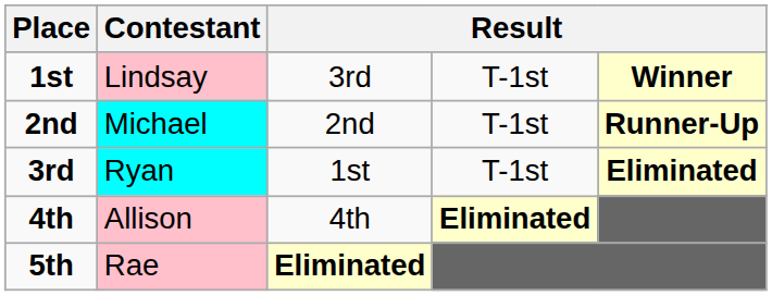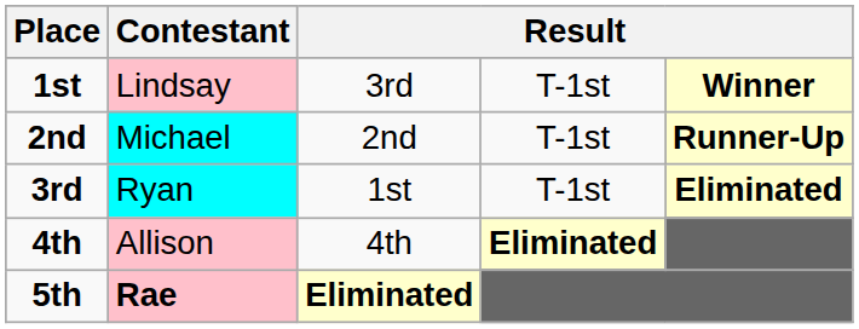 <table class="wikitable">
 <tr>
 <th>Place</th>
 <th>Contestant</th>
 <th colspan="14" align="center">Result</th>
 </tr>
 <tr>
 <td align="center"><strong>1st</strong></td>
 <td bgcolor="pink">Lindsay</td>
 <td align="center">3rd</td>
 <td align="center">T-1st</td>
 <td bgcolor="FFFFCC" align="center"><strong>Winner</strong></td>
 </tr>
 <tr>
 <td align="center"><strong>2nd</strong></td>
 <td bgcolor="cyan">Michael</td>
 <td align="center">2nd</td>
 <td align="center">T-1st</td>
 <td bgcolor="FFFFCC" align="center"><strong>Runner-Up</strong></td>
 </tr>
 <tr>
 <td align="center"><strong>3rd</strong></td>
 <td bgcolor="cyan">Ryan</td>
 <td align="center">1st</td>
 <td align="center">T-1st</td>
 <td bgcolor="FFFFCC" align="center"><strong>Eliminated</strong></td>
 </tr>
 <tr>
 <td align="center"><strong>4th</strong></td>
 <td bgcolor="pink">Allison</td>
 <td align="center">4th</td>
 <td bgcolor="FFFFCC" align="center"><strong>Eliminated</strong></td>
 <td colspan="1" bgcolor="666666"></td>
 </tr>
 <tr>
 <td align="center"><strong>5th</strong></td>
-<td bgcolor="pink">Rae</td>
+<td bgcolor="pink"><strong>Rae</strong></td>
 <td bgcolor="FFFFCC" align="center"><strong>Eliminated</strong></td>
 <td colspan="2" bgcolor="666666"></td>
 </tr>
 </table>
